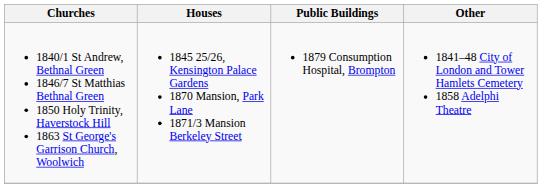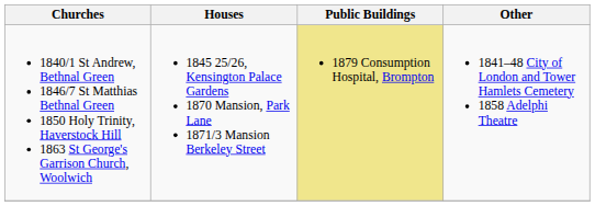 <table class="wikitable">
 <tr>
 <th width="175">Churches</th>
 <th width="175">Houses</th>
 <th width="175">Public Buildings</th>
 <th width="175">Other</th>
 </tr>
 <tr valign="top">
 <td><br><ul><li>1840/1 St Andrew, <a href='#'>Bethnal Green</a></li><li>1846/7 St Matthias <a href='#'>Bethnal Green</a></li><li>1850 Holy Trinity, <a href='#'>Haverstock Hill</a></li><li>1863 	<a href='#'>St George's Garrison Church</a>, <a href='#'>Woolwich</a></li></ul></td>
 <td><br><ul><li>1845 25/26, <a href='#'>Kensington Palace Gardens</a></li><li>1870 Mansion, <a href='#'>Park Lane</a></li><li>1871/3 Mansion <a href='#'>Berkeley Street</a></li></ul></td>
-<td><br><ul><li>1879 Consumption Hospital, <a href='#'>Brompton</a></li></ul></td>
+<td style="background: khaki;"><br><ul><li>1879 Consumption Hospital, <a href='#'>Brompton</a></li></ul></td>
 <td><br><ul><li>1841–48 <a href='#'>City of London and Tower Hamlets Cemetery</a></li><li>1858 <a href='#'>Adelphi Theatre</a></li></ul></td>
 </tr>
 <tr>
 </tr>
 </table>
